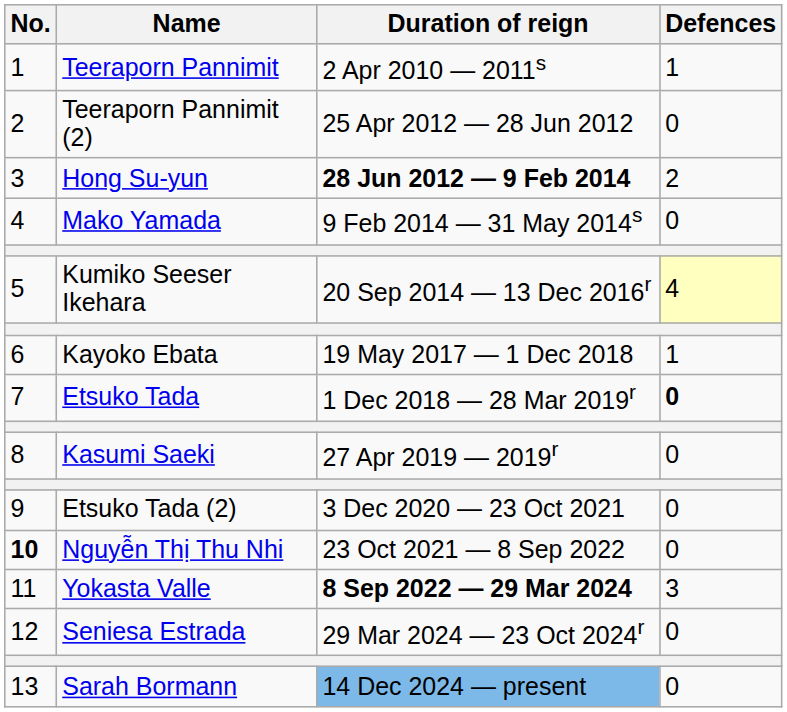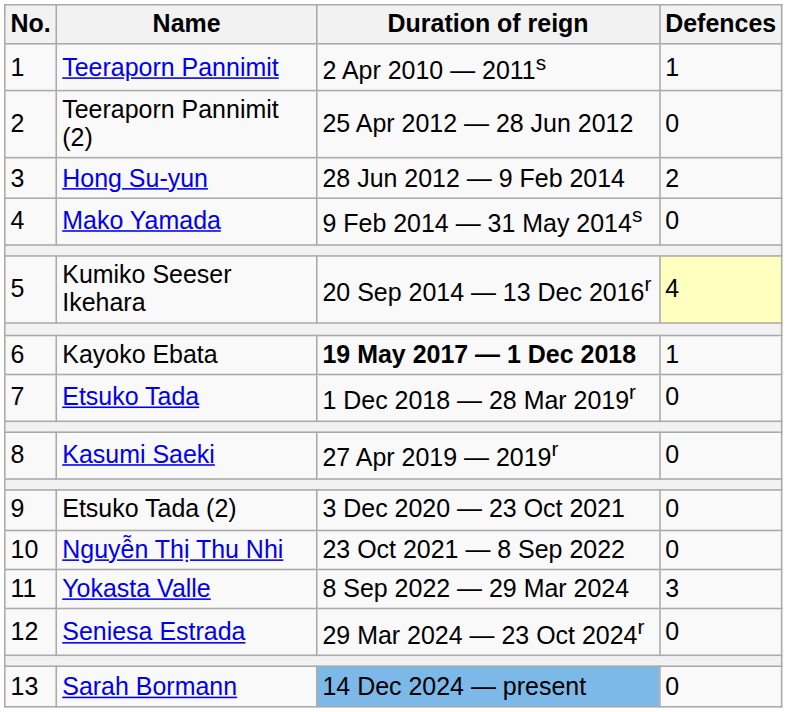 <table class="wikitable" width=80%>
 <tr>
 <th width=3%>No.</th>
 <th width=37%>Name</th>
 <th width=50%>Duration of reign</th>
 <th width=10%>Defences</th>
 </tr>
 <tr>
 <td>1</td>
 <td align=left> <a href='#'>Teeraporn Pannimit</a></td>
 <td>2 Apr 2010 — 2011<sup>s</sup></td>
 <td>1</td>
 </tr>
 <tr>
 <td>2</td>
 <td align=left> Teeraporn Pannimit (2)</td>
 <td>25 Apr 2012 — 28 Jun 2012</td>
 <td>0</td>
 </tr>
 <tr>
 <td>3</td>
 <td align=left> <a href='#'>Hong Su-yun</a></td>
-<td><strong>28 Jun 2012 — 9 Feb 2014</strong></td>
+<td>28 Jun 2012 — 9 Feb 2014</td>
 <td>2</td>
 </tr>
 <tr>
 <td>4</td>
 <td align=left> <a href='#'>Mako Yamada</a></td>
 <td>9 Feb 2014 — 31 May 2014<sup>s</sup></td>
 <td>0</td>
 </tr>
 <tr align=center>
 <th colspan="4"></th>
 </tr>
 <tr>
 <td>5</td>
 <td align=left> Kumiko Seeser Ikehara</td>
 <td>20 Sep 2014 — 13 Dec 2016<sup>r</sup></td>
 <td style="background:#ffffbf;" width=5px>4</td>
 </tr>
 <tr align=center>
 <th colspan="4"></th>
 </tr>
 <tr>
 <td>6</td>
 <td align=left> Kayoko Ebata</td>
-<td>19 May 2017 — 1 Dec 2018</td>
+<td><strong>19 May 2017 — 1 Dec 2018</strong></td>
 <td>1</td>
 </tr>
 <tr>
 <td>7</td>
 <td align=left> <a href='#'>Etsuko Tada</a></td>
 <td>1 Dec 2018 — 28 Mar 2019<sup>r</sup></td>
-<td><strong>0</strong></td>
+<td>0</td>
 </tr>
 <tr align=center>
 <th colspan="4"></th>
 </tr>
 <tr>
 <td>8</td>
 <td align=left> <a href='#'>Kasumi Saeki</a></td>
 <td>27 Apr 2019 — 2019<sup>r</sup></td>
 <td>0</td>
 </tr>
 <tr align=center>
 <th colspan="4"></th>
 </tr>
 <tr>
 <td>9</td>
 <td align=left> Etsuko Tada (2)</td>
 <td>3 Dec 2020 — 23 Oct 2021</td>
 <td>0</td>
 </tr>
 <tr>
-<td><strong>10</strong></td>
+<td>10</td>
 <td align=left> <a href='#'>Nguyễn Thị Thu Nhi</a></td>
 <td>23 Oct 2021 — 8 Sep 2022</td>
 <td>0</td>
 </tr>
 <tr>
 <td>11</td>
 <td align=left> <a href='#'>Yokasta Valle</a></td>
-<td><strong>8 Sep 2022 — 29 Mar 2024</strong></td>
+<td>8 Sep 2022 — 29 Mar 2024</td>
 <td>3</td>
 </tr>
 <tr>
 <td>12</td>
 <td align=left> <a href='#'>Seniesa Estrada</a></td>
 <td>29 Mar 2024 — 23 Oct 2024<sup>r</sup></td>
 <td>0</td>
 </tr>
 <tr align=center>
 <th colspan="4"></th>
 </tr>
 <tr>
 <td>13</td>
 <td align=left> <a href='#'>Sarah Bormann</a></td>
 <td style="background:#7CB9E8;" width=5px>14 Dec 2024 — present</td>
 <td>0</td>
 </tr>
 </table>
